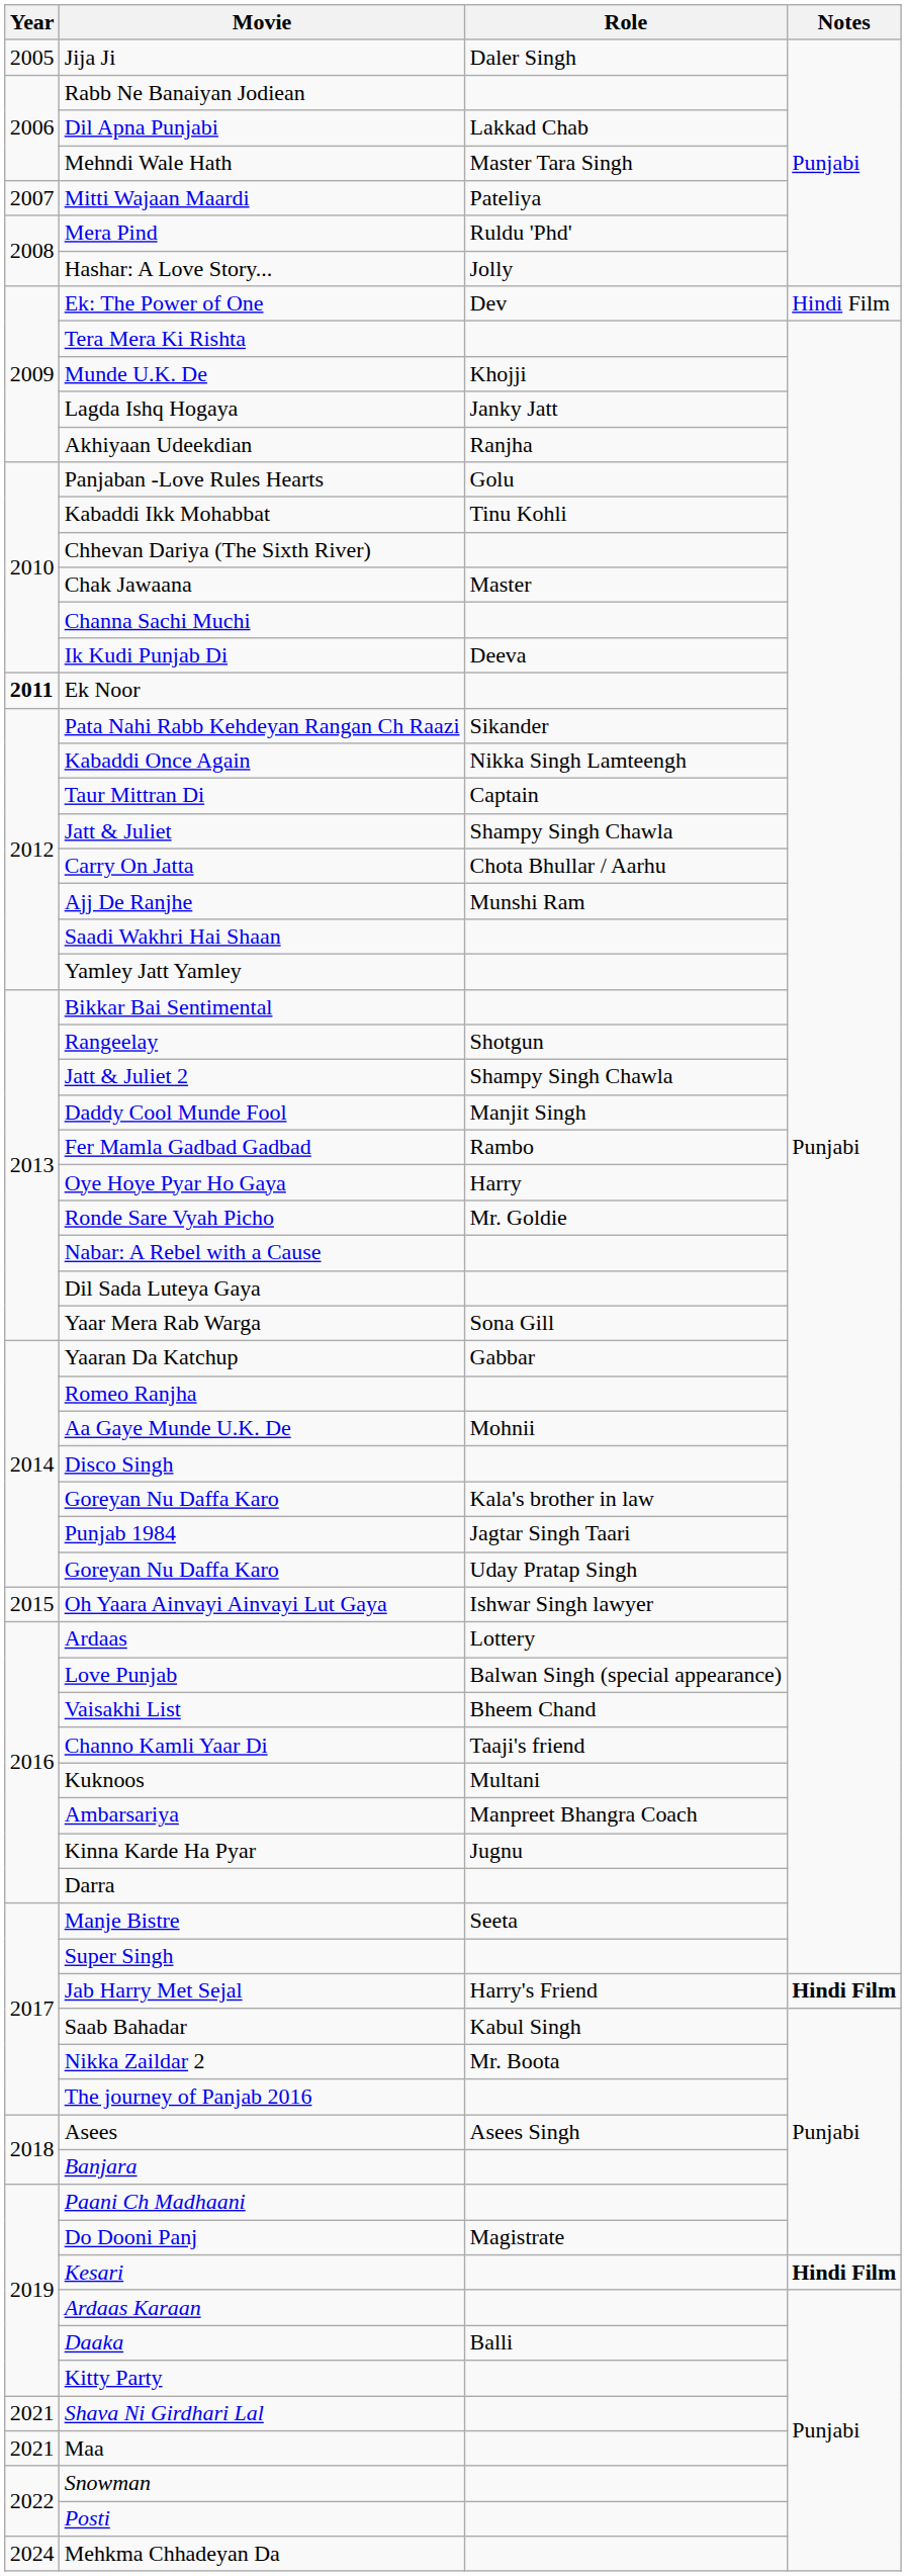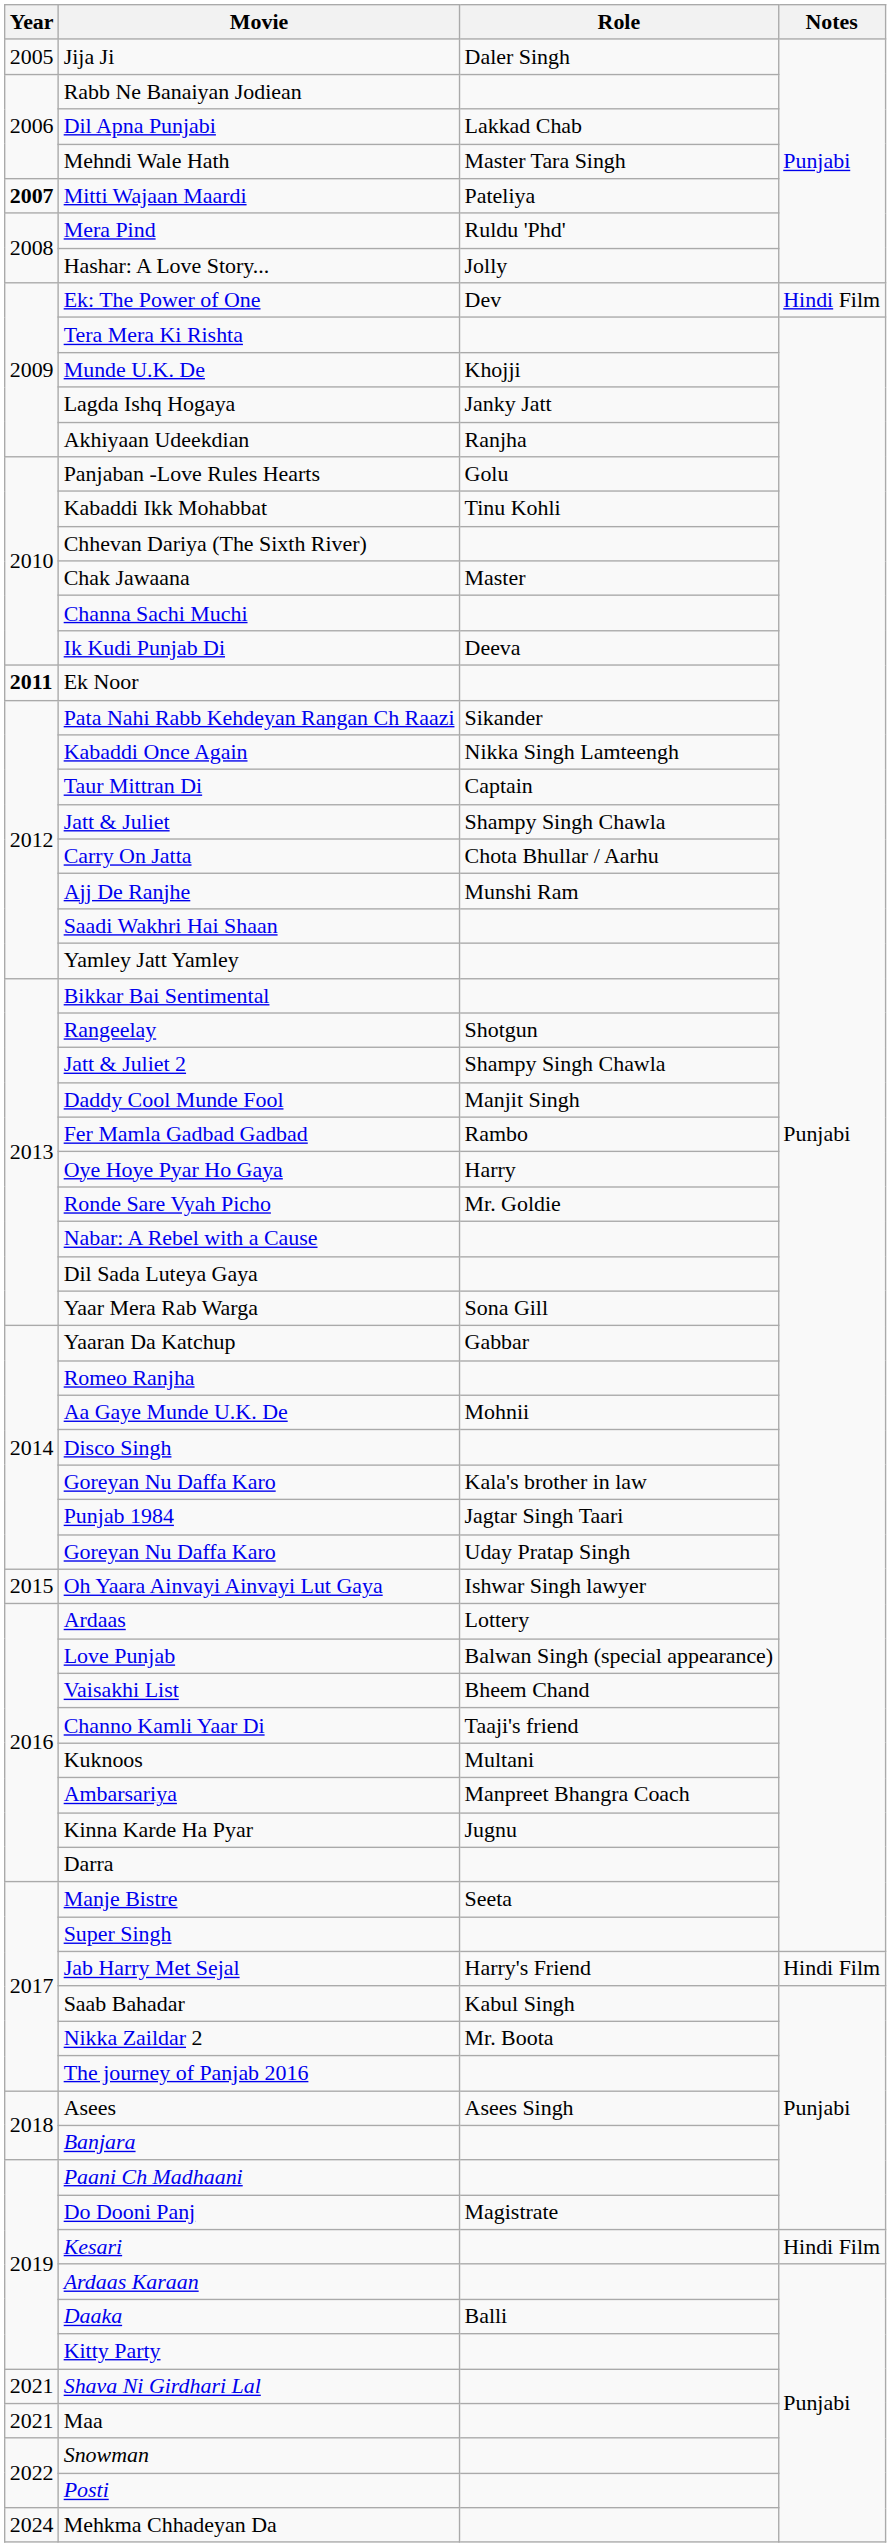 <table class="wikitable sortable">
 <tr>
 <th>Year</th>
 <th>Movie</th>
 <th>Role</th>
 <th>Notes</th>
 </tr>
 <tr>
 <td>2005</td>
 <td>Jija Ji</td>
 <td>Daler Singh</td>
 <td rowspan="7"><a href='#'>Punjabi</a></td>
 </tr>
 <tr>
 <td rowspan="3">2006</td>
 <td>Rabb Ne Banaiyan Jodiean</td>
 <td></td>
 </tr>
 <tr>
 <td><a href='#'>Dil Apna Punjabi</a></td>
 <td>Lakkad Chab</td>
 </tr>
 <tr>
 <td>Mehndi Wale Hath</td>
 <td>Master Tara Singh</td>
 </tr>
 <tr>
-<td>2007</td>
+<td><strong>2007</strong></td>
 <td><a href='#'>Mitti Wajaan Maardi</a></td>
 <td>Pateliya</td>
 </tr>
 <tr>
 <td rowspan="2">2008</td>
 <td><a href='#'>Mera Pind</a></td>
 <td>Ruldu 'Phd'</td>
 </tr>
 <tr>
 <td>Hashar: A Love Story...</td>
 <td>Jolly</td>
 </tr>
 <tr>
 <td rowspan="5">2009</td>
 <td><a href='#'>Ek: The Power of One</a></td>
 <td>Dev</td>
 <td><a href='#'>Hindi</a> Film</td>
 </tr>
 <tr>
 <td><a href='#'>Tera Mera Ki Rishta</a></td>
 <td></td>
 <td rowspan="47">Punjabi</td>
 </tr>
 <tr>
 <td><a href='#'>Munde U.K. De</a></td>
 <td>Khojji</td>
 </tr>
 <tr>
 <td>Lagda Ishq Hogaya</td>
 <td>Janky Jatt</td>
 </tr>
 <tr>
 <td>Akhiyaan Udeekdian</td>
 <td>Ranjha</td>
 </tr>
 <tr>
 <td rowspan="6">2010</td>
 <td>Panjaban -Love Rules Hearts</td>
 <td>Golu</td>
 </tr>
 <tr>
 <td>Kabaddi Ikk Mohabbat</td>
 <td>Tinu Kohli</td>
 </tr>
 <tr>
 <td>Chhevan Dariya (The Sixth River)</td>
 <td></td>
 </tr>
 <tr>
 <td>Chak Jawaana</td>
 <td>Master</td>
 </tr>
 <tr>
 <td><a href='#'>Channa Sachi Muchi</a></td>
 <td></td>
 </tr>
 <tr>
 <td><a href='#'>Ik Kudi Punjab Di</a></td>
 <td>Deeva</td>
 </tr>
 <tr>
 <td><strong>2011</strong></td>
 <td>Ek Noor</td>
 <td></td>
 </tr>
 <tr>
 <td rowspan="8">2012</td>
 <td><a href='#'>Pata Nahi Rabb Kehdeyan Rangan Ch Raazi</a></td>
 <td>Sikander</td>
 </tr>
 <tr>
 <td><a href='#'>Kabaddi Once Again</a></td>
 <td>Nikka Singh Lamteengh</td>
 </tr>
 <tr>
 <td><a href='#'>Taur Mittran Di</a></td>
 <td>Captain</td>
 </tr>
 <tr>
 <td><a href='#'>Jatt & Juliet</a></td>
 <td>Shampy Singh Chawla</td>
 </tr>
 <tr>
 <td><a href='#'>Carry On Jatta</a></td>
 <td>Chota Bhullar / Aarhu</td>
 </tr>
 <tr>
 <td><a href='#'>Ajj De Ranjhe</a></td>
 <td>Munshi Ram</td>
 </tr>
 <tr>
 <td><a href='#'>Saadi Wakhri Hai Shaan</a></td>
 <td></td>
 </tr>
 <tr>
 <td>Yamley Jatt Yamley</td>
 <td></td>
 </tr>
 <tr>
 <td rowspan="10">2013</td>
 <td><a href='#'>Bikkar Bai Sentimental</a></td>
 <td></td>
 </tr>
 <tr>
 <td><a href='#'>Rangeelay</a></td>
 <td>Shotgun</td>
 </tr>
 <tr>
 <td><a href='#'>Jatt & Juliet 2</a></td>
 <td>Shampy Singh Chawla</td>
 </tr>
 <tr>
 <td><a href='#'>Daddy Cool Munde Fool</a></td>
 <td>Manjit Singh</td>
 </tr>
 <tr>
 <td><a href='#'>Fer Mamla Gadbad Gadbad</a></td>
 <td>Rambo</td>
 </tr>
 <tr>
 <td><a href='#'>Oye Hoye Pyar Ho Gaya</a></td>
 <td>Harry</td>
 </tr>
 <tr>
 <td><a href='#'>Ronde Sare Vyah Picho</a></td>
 <td>Mr. Goldie</td>
 </tr>
 <tr>
 <td><a href='#'>Nabar: A Rebel with a Cause</a></td>
 <td></td>
 </tr>
 <tr>
 <td>Dil Sada Luteya Gaya</td>
 <td></td>
 </tr>
 <tr>
 <td>Yaar Mera Rab Warga</td>
 <td>Sona Gill</td>
 </tr>
 <tr>
 <td rowspan="7">2014</td>
 <td>Yaaran Da Katchup</td>
 <td>Gabbar</td>
 </tr>
 <tr>
 <td><a href='#'>Romeo Ranjha</a></td>
 <td></td>
 </tr>
 <tr>
 <td><a href='#'>Aa Gaye Munde U.K. De</a></td>
 <td>Mohnii</td>
 </tr>
 <tr>
 <td><a href='#'>Disco Singh</a></td>
 <td></td>
 </tr>
 <tr>
 <td><a href='#'>Goreyan Nu Daffa Karo</a></td>
 <td>Kala's brother in law</td>
 </tr>
 <tr>
 <td><a href='#'>Punjab 1984</a></td>
 <td>Jagtar Singh Taari</td>
 </tr>
 <tr>
 <td><a href='#'>Goreyan Nu Daffa Karo</a></td>
 <td>Uday Pratap Singh</td>
 </tr>
 <tr>
 <td>2015</td>
 <td><a href='#'>Oh Yaara Ainvayi Ainvayi Lut Gaya</a></td>
 <td>Ishwar Singh lawyer</td>
 </tr>
 <tr>
 <td rowspan="8">2016</td>
 <td><a href='#'>Ardaas</a></td>
 <td>Lottery</td>
 </tr>
 <tr>
 <td><a href='#'>Love Punjab</a></td>
 <td>Balwan Singh (special appearance)</td>
 </tr>
 <tr>
 <td><a href='#'>Vaisakhi List</a></td>
 <td>Bheem Chand</td>
 </tr>
 <tr>
 <td><a href='#'>Channo Kamli Yaar Di</a></td>
 <td>Taaji's friend</td>
 </tr>
 <tr>
 <td>Kuknoos</td>
 <td>Multani</td>
 </tr>
 <tr>
 <td><a href='#'>Ambarsariya</a></td>
 <td>Manpreet Bhangra Coach</td>
 </tr>
 <tr>
 <td>Kinna Karde Ha Pyar</td>
 <td>Jugnu</td>
 </tr>
 <tr>
 <td>Darra</td>
 <td></td>
 </tr>
 <tr>
 <td rowspan="6">2017</td>
 <td><a href='#'>Manje Bistre</a></td>
 <td>Seeta</td>
 </tr>
 <tr>
 <td><a href='#'>Super Singh</a></td>
 <td></td>
 </tr>
 <tr>
 <td><a href='#'>Jab Harry Met Sejal</a></td>
 <td>Harry's Friend</td>
-<td><strong>Hindi Film</strong></td>
+<td>Hindi Film</td>
 </tr>
 <tr>
 <td>Saab Bahadar</td>
 <td>Kabul Singh</td>
 <td rowspan="7">Punjabi</td>
 </tr>
 <tr>
 <td><a href='#'>Nikka Zaildar</a> 2</td>
 <td>Mr. Boota</td>
 </tr>
 <tr>
 <td><a href='#'>The journey of Panjab 2016</a></td>
 <td></td>
 </tr>
 <tr>
 <td rowspan="2">2018</td>
 <td>Asees</td>
 <td>Asees Singh</td>
 </tr>
 <tr>
 <td><em><a href='#'>Banjara</a></em></td>
 <td></td>
 </tr>
 <tr>
 <td rowspan="6">2019</td>
 <td><em><a href='#'>Paani Ch Madhaani</a></em></td>
 <td></td>
 </tr>
 <tr>
 <td><a href='#'>Do Dooni Panj</a></td>
 <td>Magistrate</td>
 </tr>
 <tr>
 <td><em><a href='#'>Kesari</a></em></td>
 <td></td>
-<td><strong>Hindi Film</strong></td>
+<td>Hindi Film</td>
 </tr>
 <tr>
 <td><em><a href='#'>Ardaas Karaan</a></em></td>
 <td></td>
 <td rowspan="8">Punjabi</td>
 </tr>
 <tr>
 <td><em><a href='#'>Daaka</a></em></td>
 <td>Balli</td>
 </tr>
 <tr>
 <td><a href='#'>Kitty Party</a></td>
 <td></td>
 </tr>
 <tr>
 <td>2021</td>
 <td><em><a href='#'>Shava Ni Girdhari Lal</a></em></td>
 <td></td>
 </tr>
 <tr>
 <td>2021</td>
 <td>Maa</td>
 <td></td>
 </tr>
 <tr>
 <td rowspan="2">2022</td>
 <td><em>Snowman</em></td>
 <td></td>
 </tr>
 <tr>
 <td><em><a href='#'>Posti</a></em></td>
 <td></td>
 </tr>
 <tr>
 <td>2024</td>
 <td>Mehkma Chhadeyan Da</td>
 <td></td>
 </tr>
 </table>
